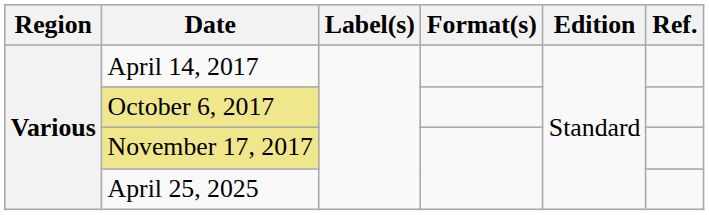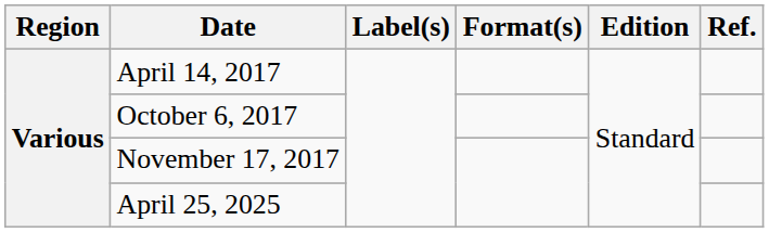 <table class="wikitable plainrowheaders">
 <tr>
 <th scope="col">Region</th>
 <th scope="col">Date</th>
 <th scope="col">Label(s)</th>
 <th scope="col">Format(s)</th>
 <th scope="col">Edition</th>
 <th scope="col">Ref.</th>
 </tr>
 <tr>
 <th rowspan="4" scope="row">Various</th>
 <td>April 14, 2017</td>
 <td rowspan="4"></td>
 <td></td>
 <td rowspan="4">Standard</td>
 <td></td>
 </tr>
 <tr>
-<td style="background: khaki;">October 6, 2017</td>
+<td>October 6, 2017</td>
 <td></td>
 <td></td>
 </tr>
 <tr>
-<td style="background: khaki;">November 17, 2017</td>
+<td>November 17, 2017</td>
 <td rowspan="2"></td>
 <td></td>
 </tr>
 <tr>
 <td>April 25, 2025</td>
 <td></td>
 </tr>
 </table>
